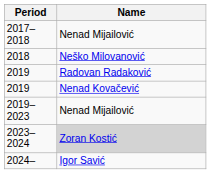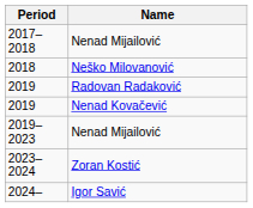 <table class="wikitable">
 <tr>
 <th width="75">Period</th>
 <th width="225">Name</th>
 </tr>
 <tr>
 <td>2017–2018</td>
 <td> Nenad Mijailović</td>
 </tr>
 <tr>
 <td>2018</td>
 <td> <a href='#'>Neško Milovanović</a></td>
 </tr>
 <tr>
 <td>2019</td>
 <td> <a href='#'>Radovan Radaković</a></td>
 </tr>
 <tr>
 <td>2019</td>
 <td> <a href='#'>Nenad Kovačević</a></td>
 </tr>
 <tr>
 <td>2019–2023</td>
 <td> Nenad Mijailović</td>
 </tr>
 <tr>
 <td>2023–2024</td>
-<td style="background: lightgrey;"> <a href='#'>Zoran Kostić</a></td>
+<td> <a href='#'>Zoran Kostić</a></td>
 </tr>
 <tr>
 <td>2024–</td>
 <td> <a href='#'>Igor Savić</a></td>
 </tr>
 </table>
